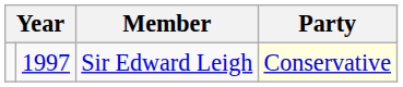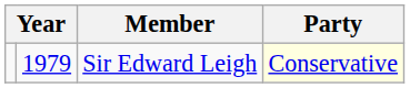 <table class="wikitable">
 <tr>
 <th colspan="2">Year</th>
 <th>Member</th>
 <th>Party</th>
 </tr>
 <tr>
 <td style="color:inherit;background-color: "></td>
-<td><a href='#'>1997</a></td>
+<td><a href='#'>1979</a></td>
 <td><a href='#'>Sir Edward Leigh</a></td>
 <td style="background: lightyellow;"><a href='#'>Conservative</a></td>
 </tr>
 </table>
